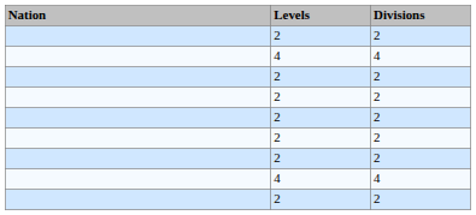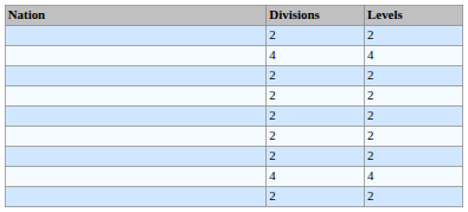 <table cellpadding=3 cellspacing=0 width=45% width=45% border=1 style="border-collapse:collapse"|>
 <tr align=left>
 <th bgcolor=silver width=40%>Nation</th>
+<th bgcolor=silver width=15%>Divisions</th>
 <th bgcolor=silver width=15%>Levels</th>
-<th bgcolor=silver width=15%>Divisions</th>
 </tr>
 <tr align=left bgcolor=#D0E7FF>
 <td></td>
 <td>2</td>
 <td>2</td>
 </tr>
 <tr align=left bgcolor=#F5FAFF>
 <td></td>
 <td>4</td>
 <td>4</td>
 </tr>
 <tr align=left bgcolor=#D0E7FF>
 <td></td>
 <td>2</td>
 <td>2</td>
 </tr>
 <tr align=left bgcolor=#F5FAFF>
 <td></td>
 <td>2</td>
 <td>2</td>
 </tr>
 <tr align=left bgcolor=#D0E7FF>
 <td></td>
 <td>2</td>
 <td>2</td>
 </tr>
 <tr align=left bgcolor=#F5FAFF>
 <td></td>
 <td>2</td>
 <td>2</td>
 </tr>
 <tr align=left bgcolor=#D0E7FF>
 <td></td>
 <td>2</td>
 <td>2</td>
 </tr>
 <tr align=left bgcolor=#F5FAFF>
 <td></td>
 <td>4</td>
 <td>4</td>
 </tr>
 <tr align=left bgcolor=#D0E7FF>
 <td></td>
 <td>2</td>
 <td>2</td>
 </tr>
 </table>
